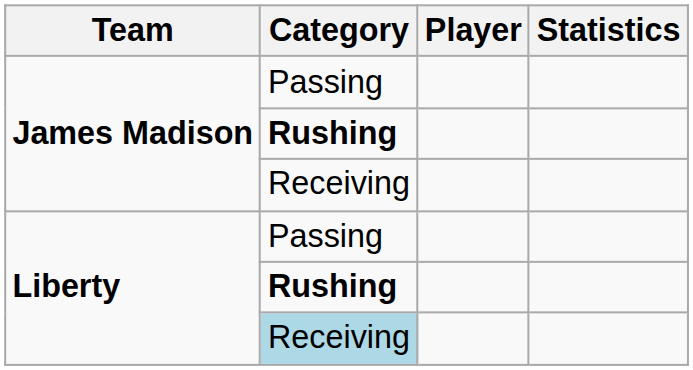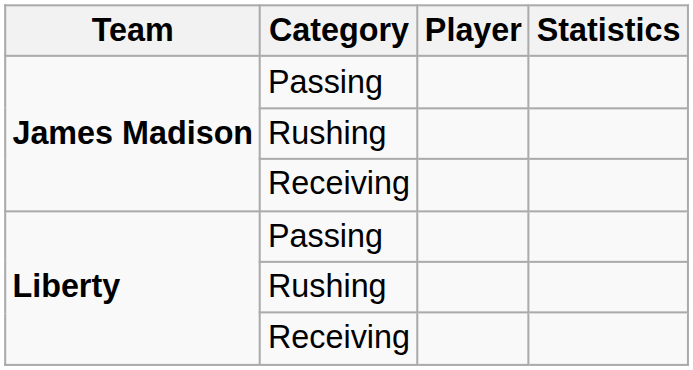 <table class="wikitable" style="float: right;">
 <tr>
 <th>Team</th>
 <th>Category</th>
 <th>Player</th>
 <th>Statistics</th>
 </tr>
 <tr>
 <td rowspan=3><strong>James Madison</strong></td>
 <td>Passing</td>
 <td></td>
 <td></td>
 </tr>
 <tr>
-<td><strong>Rushing</strong></td>
+<td>Rushing</td>
 <td></td>
 <td></td>
 </tr>
 <tr>
 <td>Receiving</td>
 <td></td>
 <td></td>
 </tr>
 <tr>
 <td rowspan=3><strong>Liberty</strong></td>
 <td>Passing</td>
 <td></td>
 <td></td>
 </tr>
 <tr>
-<td><strong>Rushing</strong></td>
+<td>Rushing</td>
 <td></td>
 <td></td>
 </tr>
 <tr>
-<td style="background: lightblue;">Receiving</td>
+<td>Receiving</td>
 <td></td>
 <td></td>
 </tr>
 </table>
